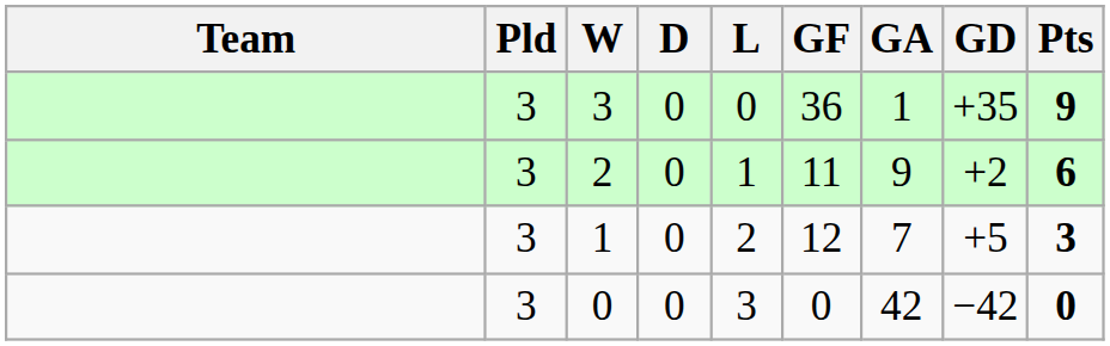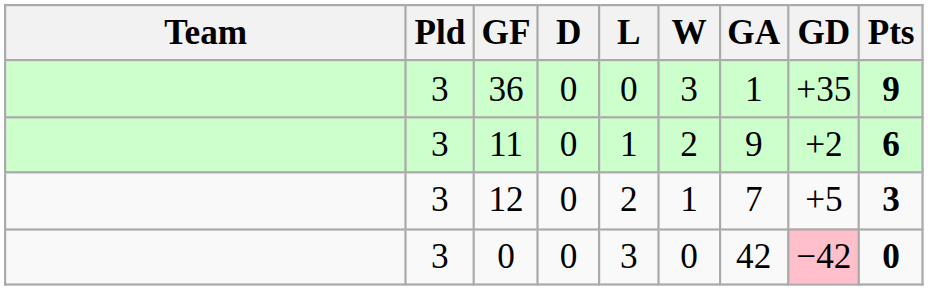 <table class=wikitable style="text-align:center">
 <tr>
 <th width=175>Team</th>
 <th width=20>Pld</th>
-<th width=20>W</th>
+<th width=20>GF</th>
 <th width=20>D</th>
 <th width=20>L</th>
-<th width=20>GF</th>
+<th width=20>W</th>
 <th width=20>GA</th>
 <th width=20>GD</th>
 <th width=20>Pts</th>
 </tr>
 <tr bgcolor=ccffcc>
 <td align=left></td>
 <td>3</td>
-<td>3</td>
+<td>36</td>
 <td>0</td>
 <td>0</td>
-<td>36</td>
+<td>3</td>
 <td>1</td>
 <td>+35</td>
 <td><strong>9</strong></td>
 </tr>
 <tr bgcolor=ccffcc>
 <td align=left></td>
 <td>3</td>
-<td>2</td>
+<td>11</td>
 <td>0</td>
 <td>1</td>
-<td>11</td>
+<td>2</td>
 <td>9</td>
 <td>+2</td>
 <td><strong>6</strong></td>
 </tr>
 <tr>
 <td align=left></td>
 <td>3</td>
-<td>1</td>
+<td>12</td>
 <td>0</td>
 <td>2</td>
-<td>12</td>
+<td>1</td>
 <td>7</td>
 <td>+5</td>
 <td><strong>3</strong></td>
 </tr>
 <tr>
 <td align=left></td>
 <td>3</td>
 <td>0</td>
 <td>0</td>
 <td>3</td>
 <td>0</td>
 <td>42</td>
-<td>−42</td>
+<td style="background: pink;">−42</td>
 <td><strong>0</strong></td>
 </tr>
 </table>
